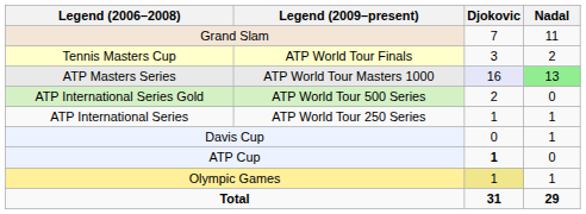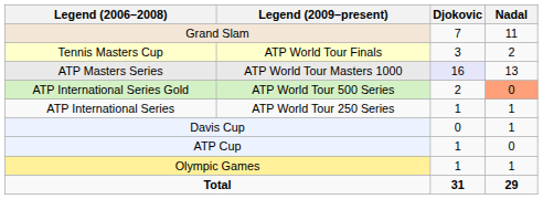 <table class="wikitable" style="width:43%;vertical-align:top;text-align:center;font-size:95%">
 <tr>
 <th>Legend (2006–2008)</th>
 <th>Legend (2009–present)</th>
 <th width=60>Djokovic</th>
 <th width=60>Nadal</th>
 </tr>
 <tr>
 <td colspan=2; style="background:#F3E6D7">Grand Slam</td>
 <td>7</td>
 <td>11</td>
 </tr>
 <tr>
 <td style="background:#ffc">Tennis Masters Cup</td>
 <td style="background:#ffc">ATP World Tour Finals</td>
 <td>3</td>
 <td>2</td>
 </tr>
 <tr>
 <td style="background:#E9E9E9">ATP Masters Series</td>
 <td style="background:#E9E9E9">ATP World Tour Masters 1000</td>
 <td style="background: lavender;">16</td>
-<td style="background: lightgreen;">13</td>
+<td>13</td>
 </tr>
 <tr>
 <td style="background:#D4F1C5">ATP International Series Gold</td>
 <td style="background:#D4F1C5">ATP World Tour 500 Series</td>
 <td>2</td>
-<td>0</td>
+<td style="background: lightsalmon;">0</td>
 </tr>
 <tr>
 <td>ATP International Series</td>
 <td>ATP World Tour 250 Series</td>
 <td>1</td>
 <td>1</td>
 </tr>
 <tr>
 <td colspan=2; style="background:#ECF2FF">Davis Cup</td>
 <td>0</td>
 <td>1</td>
 </tr>
 <tr>
 <td colspan=2; style="background:#ECF2FF">ATP Cup</td>
-<td><strong>1</strong></td>
+<td>1</td>
 <td>0</td>
 </tr>
 <tr>
 <td colspan=2; style="background:#FFF099">Olympic Games</td>
-<td style="background: khaki;">1</td>
+<td>1</td>
 <td>1</td>
 </tr>
 <tr>
 <td colspan=2><strong>Total</strong></td>
 <td><strong>31</strong></td>
 <td><strong>29</strong></td>
 </tr>
 </table>
